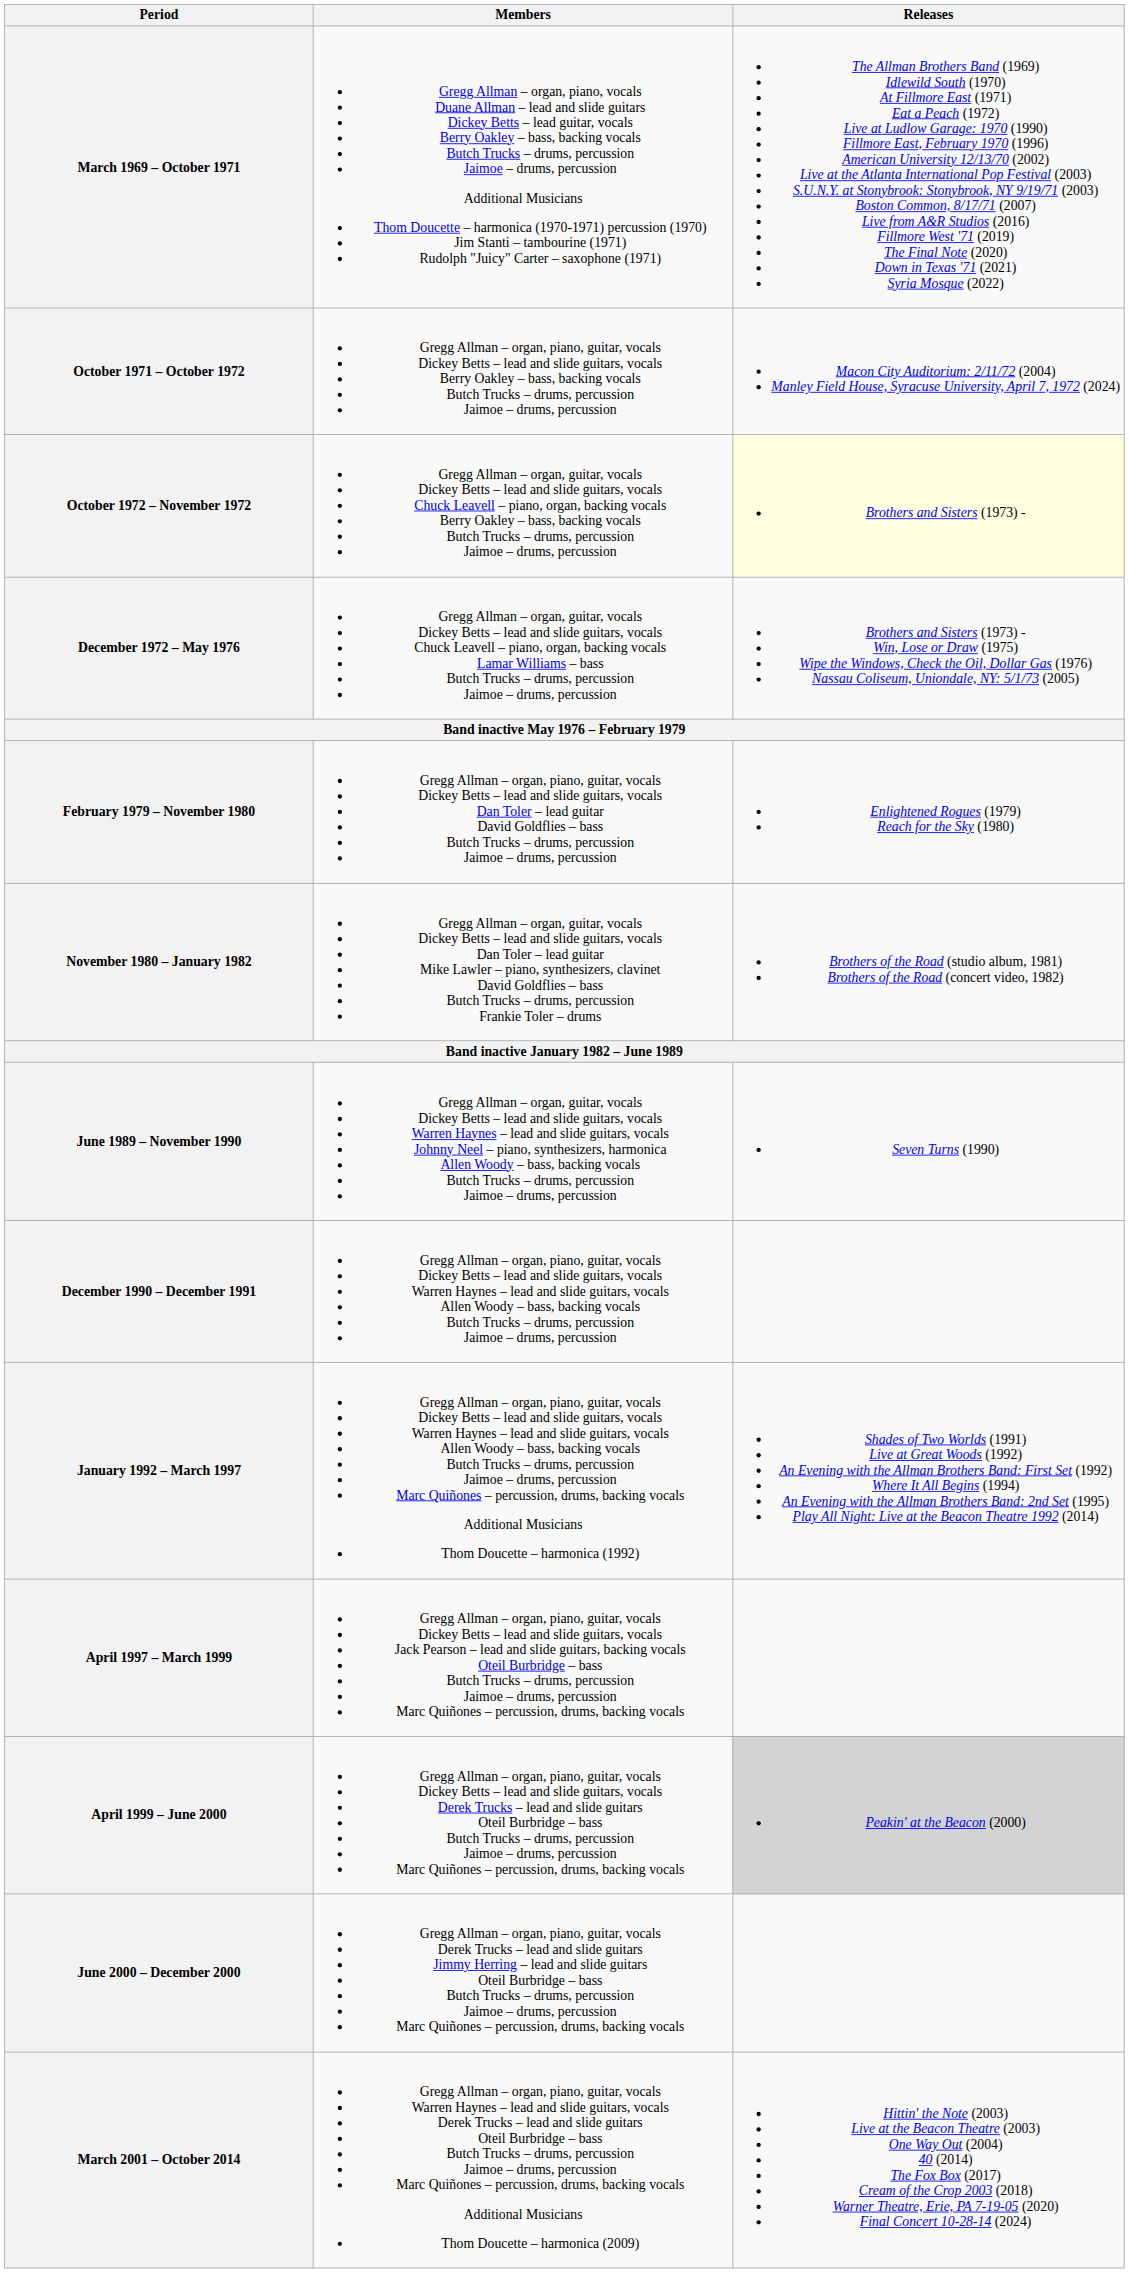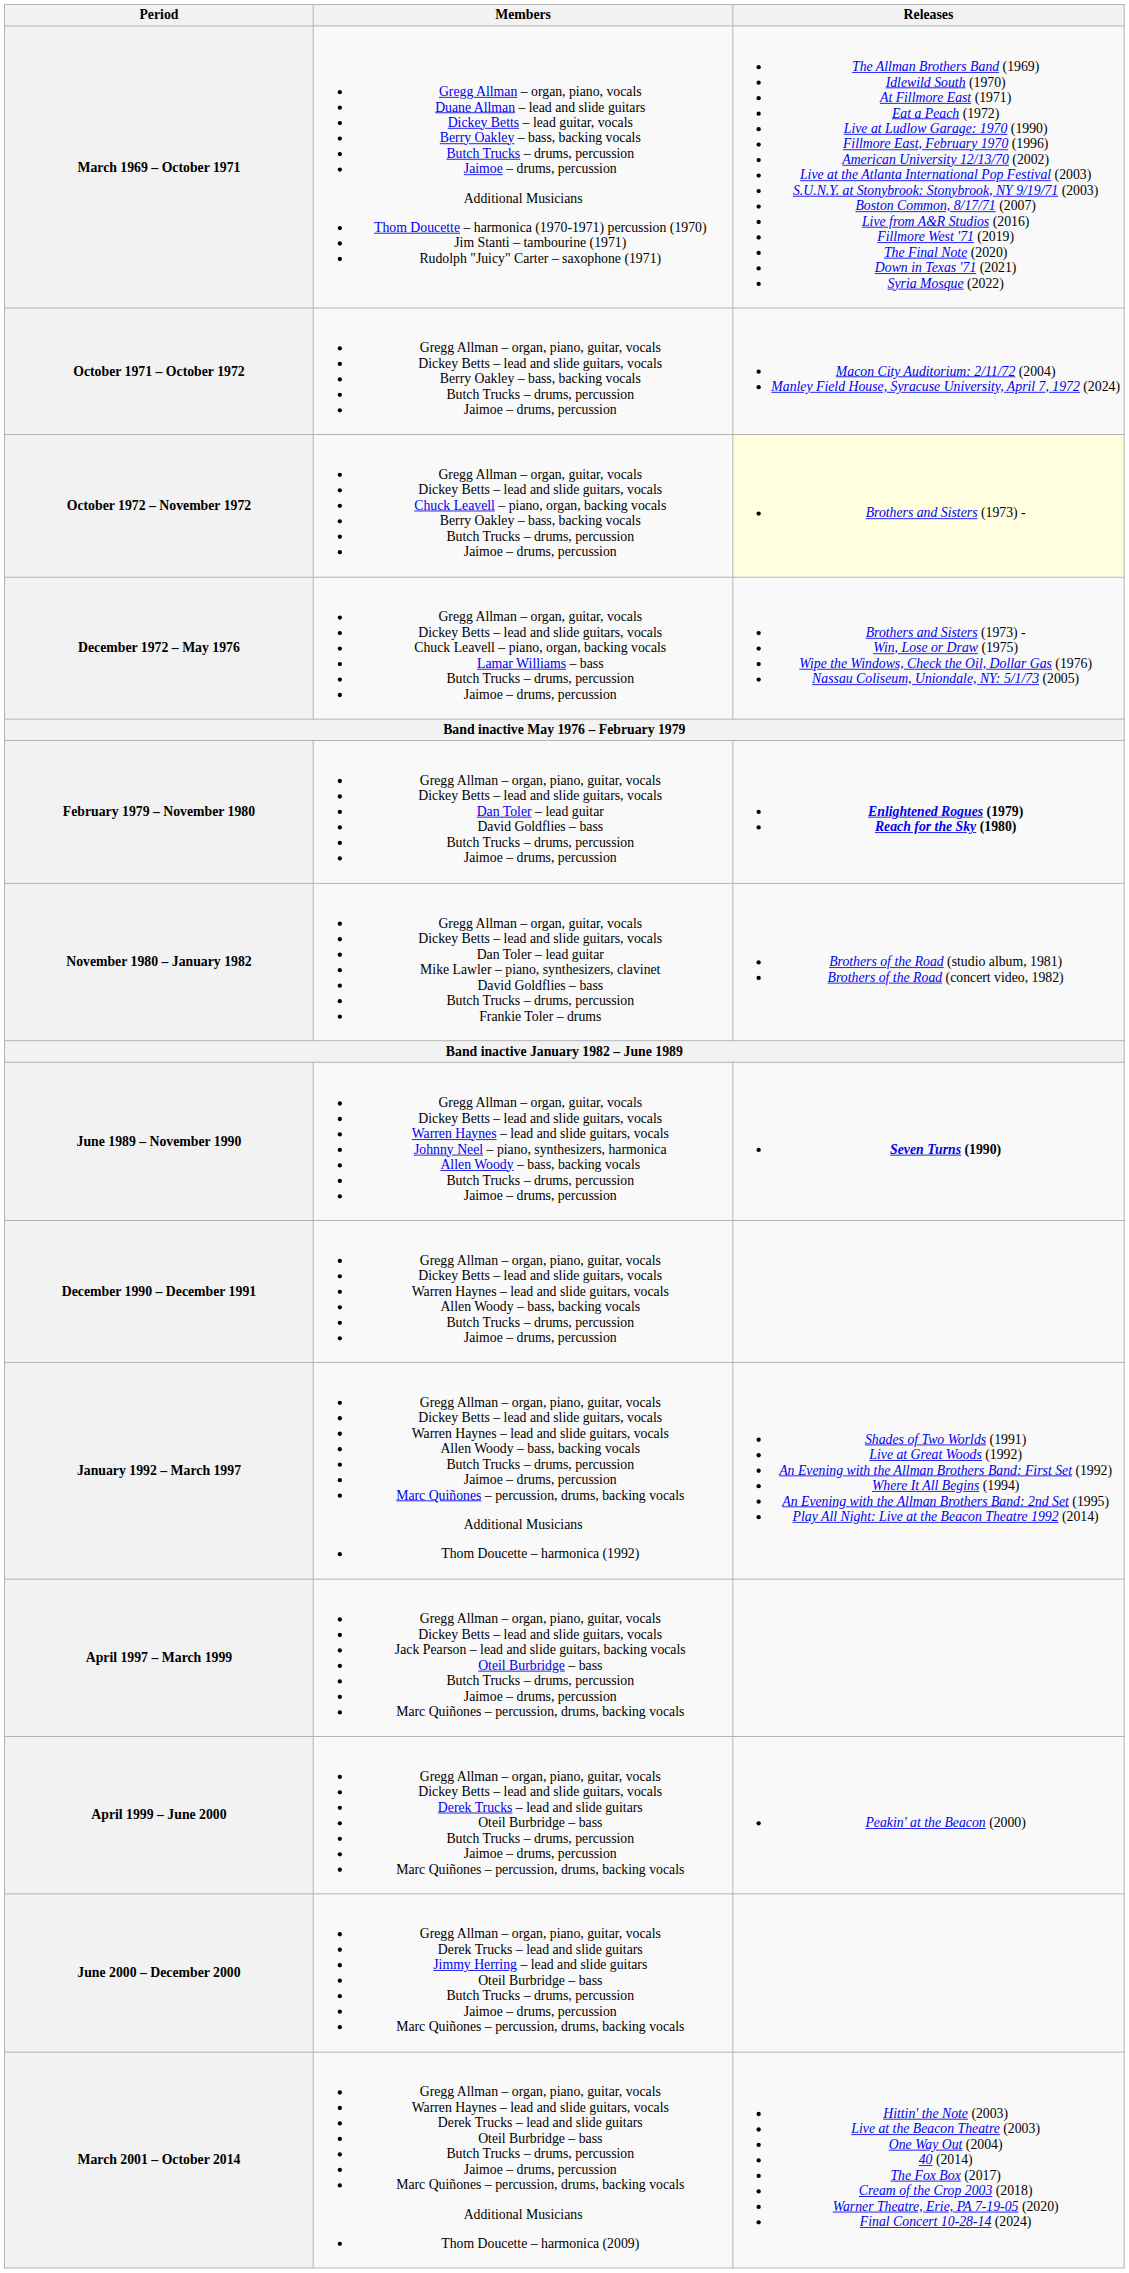 <table class="wikitable plainrowheaders" style="text-align:center;">
 <tr>
 <th scope="col" style="width:22em;">Period</th>
 <th scope="col" style="width:30em;">Members</th>
 <th scope="col" style="width:28em;">Releases</th>
 </tr>
 <tr>
 <th scope="col">March 1969 – October 1971</th>
 <td><br><ul><li><a href='#'>Gregg Allman</a> – organ, piano, vocals</li><li><a href='#'>Duane Allman</a> – lead and slide guitars</li><li><a href='#'>Dickey Betts</a> – lead guitar, vocals</li><li><a href='#'>Berry Oakley</a> – bass, backing vocals</li><li><a href='#'>Butch Trucks</a> – drums, percussion</li><li><a href='#'>Jaimoe</a> – drums, percussion</li></ul>Additional Musicians<ul><li><a href='#'>Thom Doucette</a> – harmonica (1970-1971) percussion (1970)</li><li>Jim Stanti – tambourine (1971)</li><li>Rudolph "Juicy" Carter – saxophone (1971)</li></ul></td>
 <td><br><ul><li><em><a href='#'>The Allman Brothers Band</a></em> (1969)</li><li><em><a href='#'>Idlewild South</a></em> (1970)</li><li><em><a href='#'>At Fillmore East</a></em> (1971)</li><li><em><a href='#'>Eat a Peach</a></em> (1972)</li><li><em><a href='#'>Live at Ludlow Garage: 1970</a></em> (1990)</li><li><em><a href='#'>Fillmore East, February 1970</a></em> (1996)</li><li><em><a href='#'>American University 12/13/70</a></em> (2002)</li><li><em><a href='#'>Live at the Atlanta International Pop Festival</a></em> (2003)</li><li><em><a href='#'>S.U.N.Y. at Stonybrook: Stonybrook, NY 9/19/71</a></em> (2003)</li><li><em><a href='#'>Boston Common, 8/17/71</a></em> (2007)</li><li><em><a href='#'>Live from A&R Studios</a></em> (2016)</li><li><em><a href='#'>Fillmore West '71</a></em> (2019)</li><li><em><a href='#'>The Final Note</a></em> (2020)</li><li><em><a href='#'>Down in Texas '71</a></em> (2021)</li><li><em><a href='#'>Syria Mosque</a></em> (2022)</li></ul></td>
 </tr>
 <tr>
 <th scope="col">October 1971 – October 1972</th>
 <td><br><ul><li>Gregg Allman – organ, piano, guitar, vocals</li><li>Dickey Betts – lead and slide guitars, vocals</li><li>Berry Oakley – bass, backing vocals</li><li>Butch Trucks – drums, percussion</li><li>Jaimoe – drums, percussion</li></ul></td>
 <td><br><ul><li><em><a href='#'>Macon City Auditorium: 2/11/72</a></em> (2004)</li><li><em><a href='#'>Manley Field House, Syracuse University, April 7, 1972</a></em> (2024)</li></ul></td>
 </tr>
 <tr>
 <th scope="col">October 1972 – November 1972</th>
 <td><br><ul><li>Gregg Allman – organ, guitar, vocals</li><li>Dickey Betts – lead and slide guitars, vocals</li><li><a href='#'>Chuck Leavell</a> – piano, organ, backing vocals</li><li>Berry Oakley – bass, backing vocals</li><li>Butch Trucks – drums, percussion</li><li>Jaimoe – drums, percussion</li></ul></td>
 <td style="background: lightyellow;"><br><ul><li><em><a href='#'>Brothers and Sisters</a></em> (1973) - </li></ul></td>
 </tr>
 <tr>
 <th scope="col">December 1972 – May 1976</th>
 <td><br><ul><li>Gregg Allman – organ, guitar, vocals</li><li>Dickey Betts – lead and slide guitars, vocals</li><li>Chuck Leavell – piano, organ, backing vocals</li><li><a href='#'>Lamar Williams</a> – bass</li><li>Butch Trucks – drums, percussion</li><li>Jaimoe – drums, percussion</li></ul></td>
 <td><br><ul><li><em><a href='#'>Brothers and Sisters</a></em> (1973) - </li><li><em><a href='#'>Win, Lose or Draw</a></em> (1975)</li><li><em><a href='#'>Wipe the Windows, Check the Oil, Dollar Gas</a></em> (1976)</li><li><em><a href='#'>Nassau Coliseum, Uniondale, NY: 5/1/73</a></em> (2005)</li></ul></td>
 </tr>
 <tr>
 <th scope="col" colspan="3">Band inactive May 1976 – February 1979</th>
 </tr>
 <tr>
 <th scope="col">February 1979 – November 1980</th>
 <td><br><ul><li>Gregg Allman – organ, piano, guitar, vocals</li><li>Dickey Betts – lead and slide guitars, vocals</li><li><a href='#'>Dan Toler</a> – lead guitar</li><li>David Goldflies – bass</li><li>Butch Trucks – drums, percussion</li><li>Jaimoe – drums, percussion</li></ul></td>
-<td><br><ul><li><em><a href='#'>Enlightened Rogues</a></em> (1979)</li><li><em><a href='#'>Reach for the Sky</a></em> (1980)</li></ul></td>
+<td><strong><br><ul><li><em><a href='#'>Enlightened Rogues</a></em> (1979)</li><li><em><a href='#'>Reach for the Sky</a></em> (1980)</li></ul></strong></td>
 </tr>
 <tr>
 <th scope="col">November 1980 – January 1982</th>
 <td><br><ul><li>Gregg Allman – organ, guitar, vocals</li><li>Dickey Betts – lead and slide guitars, vocals</li><li>Dan Toler – lead guitar</li><li>Mike Lawler – piano, synthesizers, clavinet</li><li>David  Goldflies – bass</li><li>Butch Trucks – drums, percussion</li><li>Frankie Toler – drums</li></ul></td>
 <td><br><ul><li><em><a href='#'>Brothers of the Road</a></em> (studio album, 1981)</li><li><em><a href='#'>Brothers of the Road</a></em> (concert video, 1982)</li></ul></td>
 </tr>
 <tr>
 <th scope="col" colspan="3">Band inactive January 1982 – June 1989</th>
 </tr>
 <tr>
 <th scope="col">June 1989 – November 1990</th>
 <td><br><ul><li>Gregg Allman – organ, guitar, vocals</li><li>Dickey Betts – lead and slide guitars, vocals</li><li><a href='#'>Warren Haynes</a> – lead and slide guitars, vocals</li><li><a href='#'>Johnny Neel</a> – piano, synthesizers, harmonica</li><li><a href='#'>Allen Woody</a> – bass, backing vocals</li><li>Butch Trucks – drums, percussion</li><li>Jaimoe – drums, percussion</li></ul></td>
-<td><br><ul><li><em><a href='#'>Seven Turns</a></em> (1990)</li></ul></td>
+<td><strong><br><ul><li><em><a href='#'>Seven Turns</a></em> (1990)</li></ul></strong></td>
 </tr>
 <tr>
 <th scope="col">December 1990 – December 1991</th>
 <td><br><ul><li>Gregg Allman – organ, piano, guitar, vocals</li><li>Dickey Betts – lead and slide guitars, vocals</li><li>Warren Haynes – lead and slide guitars, vocals</li><li>Allen Woody – bass, backing vocals</li><li>Butch Trucks – drums, percussion</li><li>Jaimoe – drums, percussion</li></ul></td>
 <td></td>
 </tr>
 <tr>
 <th scope="col">January 1992 – March 1997</th>
 <td><br><ul><li>Gregg Allman – organ, piano, guitar, vocals</li><li>Dickey Betts – lead and slide guitars, vocals</li><li>Warren Haynes – lead and slide guitars, vocals</li><li>Allen Woody – bass, backing vocals</li><li>Butch Trucks – drums, percussion</li><li>Jaimoe – drums, percussion</li><li><a href='#'>Marc Quiñones</a> – percussion, drums, backing vocals</li></ul>Additional Musicians<ul><li>Thom Doucette – harmonica (1992)</li></ul></td>
 <td><br><ul><li><em><a href='#'>Shades of Two Worlds</a></em> (1991)</li><li><em><a href='#'>Live at Great Woods</a></em> (1992)</li><li><em><a href='#'>An Evening with the Allman Brothers Band: First Set</a></em> (1992)</li><li><em><a href='#'>Where It All Begins</a></em> (1994)</li><li><em><a href='#'>An Evening with the Allman Brothers Band: 2nd Set</a></em> (1995)</li><li><em><a href='#'>Play All Night: Live at the Beacon Theatre 1992</a></em> (2014)</li></ul></td>
 </tr>
 <tr>
 <th scope="col">April 1997 – March 1999</th>
 <td><br><ul><li>Gregg Allman – organ, piano, guitar, vocals</li><li>Dickey Betts – lead and slide guitars, vocals</li><li>Jack Pearson – lead and slide guitars, backing vocals</li><li><a href='#'>Oteil Burbridge</a> – bass</li><li>Butch Trucks – drums, percussion</li><li>Jaimoe – drums, percussion</li><li>Marc Quiñones – percussion, drums, backing vocals</li></ul></td>
 <td></td>
 </tr>
 <tr>
 <th scope="col">April 1999 – June 2000</th>
 <td><br><ul><li>Gregg Allman – organ, piano, guitar, vocals</li><li>Dickey Betts – lead and slide guitars, vocals</li><li><a href='#'>Derek Trucks</a> – lead and slide guitars</li><li>Oteil Burbridge – bass</li><li>Butch Trucks – drums, percussion</li><li>Jaimoe – drums, percussion</li><li>Marc Quiñones – percussion, drums, backing vocals</li></ul></td>
-<td style="background: lightgrey;"><br><ul><li><em><a href='#'>Peakin' at the Beacon</a></em> (2000)</li></ul></td>
+<td><br><ul><li><em><a href='#'>Peakin' at the Beacon</a></em> (2000)</li></ul></td>
 </tr>
 <tr>
 <th scope="col">June 2000 – December 2000</th>
 <td><br><ul><li>Gregg Allman – organ, piano, guitar, vocals</li><li>Derek Trucks – lead and slide guitars</li><li><a href='#'>Jimmy Herring</a> – lead and slide guitars</li><li>Oteil Burbridge – bass</li><li>Butch Trucks – drums, percussion</li><li>Jaimoe – drums, percussion</li><li>Marc Quiñones – percussion, drums, backing vocals</li></ul></td>
 <td></td>
 </tr>
 <tr>
 <th scope="col">March 2001 – October 2014</th>
 <td><br><ul><li>Gregg Allman – organ, piano, guitar, vocals</li><li>Warren Haynes – lead and slide guitars, vocals</li><li>Derek Trucks – lead and slide guitars</li><li>Oteil Burbridge – bass</li><li>Butch Trucks – drums, percussion</li><li>Jaimoe – drums, percussion</li><li>Marc Quiñones – percussion, drums, backing vocals</li></ul>Additional Musicians<ul><li>Thom Doucette – harmonica (2009)</li></ul></td>
 <td><br><ul><li><em><a href='#'>Hittin' the Note</a></em> (2003)</li><li><em><a href='#'>Live at the Beacon Theatre</a></em> (2003)</li><li><em><a href='#'>One Way Out</a></em> (2004)</li><li><em><a href='#'>40</a></em> (2014)</li><li><em><a href='#'>The Fox Box</a></em> (2017)</li><li><em><a href='#'>Cream of the Crop 2003</a></em> (2018)</li><li><em><a href='#'>Warner Theatre, Erie, PA 7-19-05</a></em> (2020)</li><li><em><a href='#'>Final Concert 10-28-14</a></em> (2024)</li></ul></td>
 </tr>
 </table>
